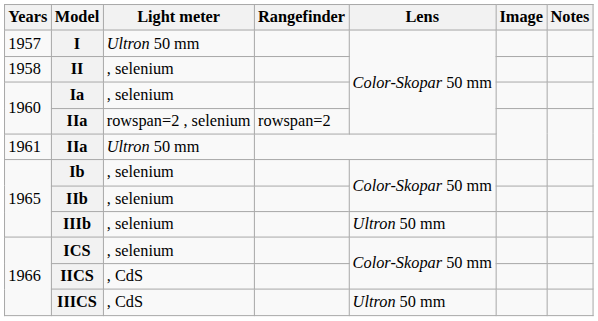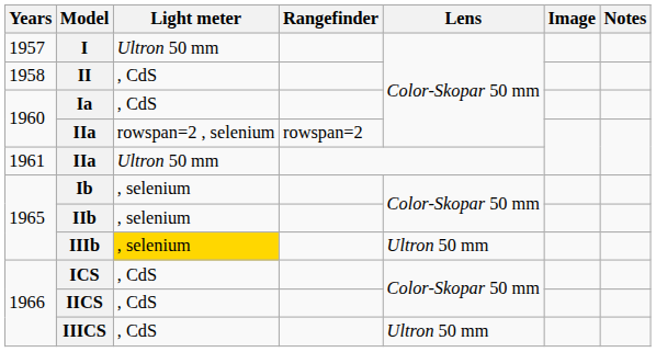 <table class=wikitable style="font-size:100%;text-align:left">
 <tr>
 <th>Years</th>
 <th>Model</th>
 <th>Light meter</th>
 <th>Rangefinder</th>
 <th>Lens</th>
 <th>Image</th>
 <th>Notes</th>
 </tr>
 <tr>
 <td>1957</td>
 <th>I</th>
 <td><em>Ultron</em> 50 mm </td>
 <td></td>
 <td rowspan=4><em>Color-Skopar</em> 50 mm </td>
 <td></td>
 <td></td>
 </tr>
 <tr>
 <td>1958</td>
 <th>II</th>
-<td>, selenium</td>
+<td>, CdS</td>
 <td></td>
 <td></td>
 <td></td>
 </tr>
 <tr>
 <td rowspan=2>1960</td>
 <th>Ia</th>
-<td>, selenium</td>
+<td>, CdS</td>
 <td></td>
 <td></td>
 <td></td>
 </tr>
 <tr>
 <th>IIa</th>
 <td>rowspan=2 , selenium</td>
 <td>rowspan=2 </td>
 <td rowspan=2></td>
 <td rowspan=2></td>
 </tr>
 <tr>
 <td>1961</td>
 <th>IIa</th>
 <td><em>Ultron</em> 50 mm </td>
 </tr>
 <tr>
 <td rowspan=3>1965</td>
 <th>Ib</th>
 <td>, selenium</td>
 <td></td>
 <td rowspan=2><em>Color-Skopar</em> 50 mm </td>
 <td></td>
 <td></td>
 </tr>
 <tr>
 <th>IIb</th>
 <td>, selenium</td>
 <td></td>
 <td></td>
 <td></td>
 </tr>
 <tr>
 <th>IIIb</th>
-<td>, selenium</td>
+<td style="background: gold;">, selenium</td>
 <td></td>
 <td><em>Ultron</em> 50 mm </td>
 <td></td>
 <td></td>
 </tr>
 <tr>
 <td rowspan=3>1966</td>
 <th>ICS</th>
-<td>, selenium</td>
+<td>, CdS</td>
 <td></td>
 <td rowspan=2><em>Color-Skopar</em> 50 mm </td>
 <td></td>
 <td></td>
 </tr>
 <tr>
 <th>IICS</th>
 <td>, CdS</td>
 <td></td>
 <td></td>
 <td></td>
 </tr>
 <tr>
 <th>IIICS</th>
 <td>, CdS</td>
 <td></td>
 <td><em>Ultron</em> 50 mm </td>
 <td></td>
 <td></td>
 </tr>
 </table>
